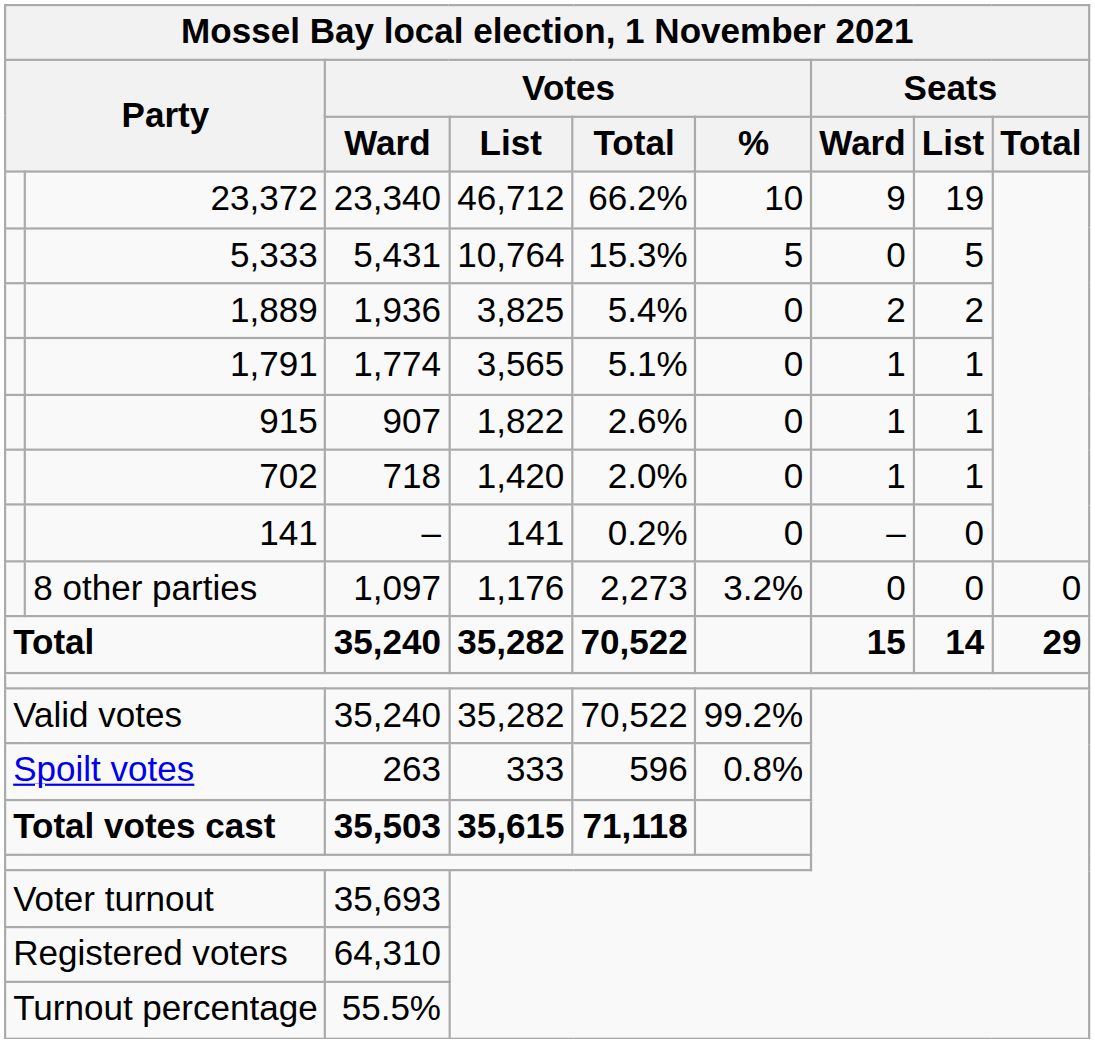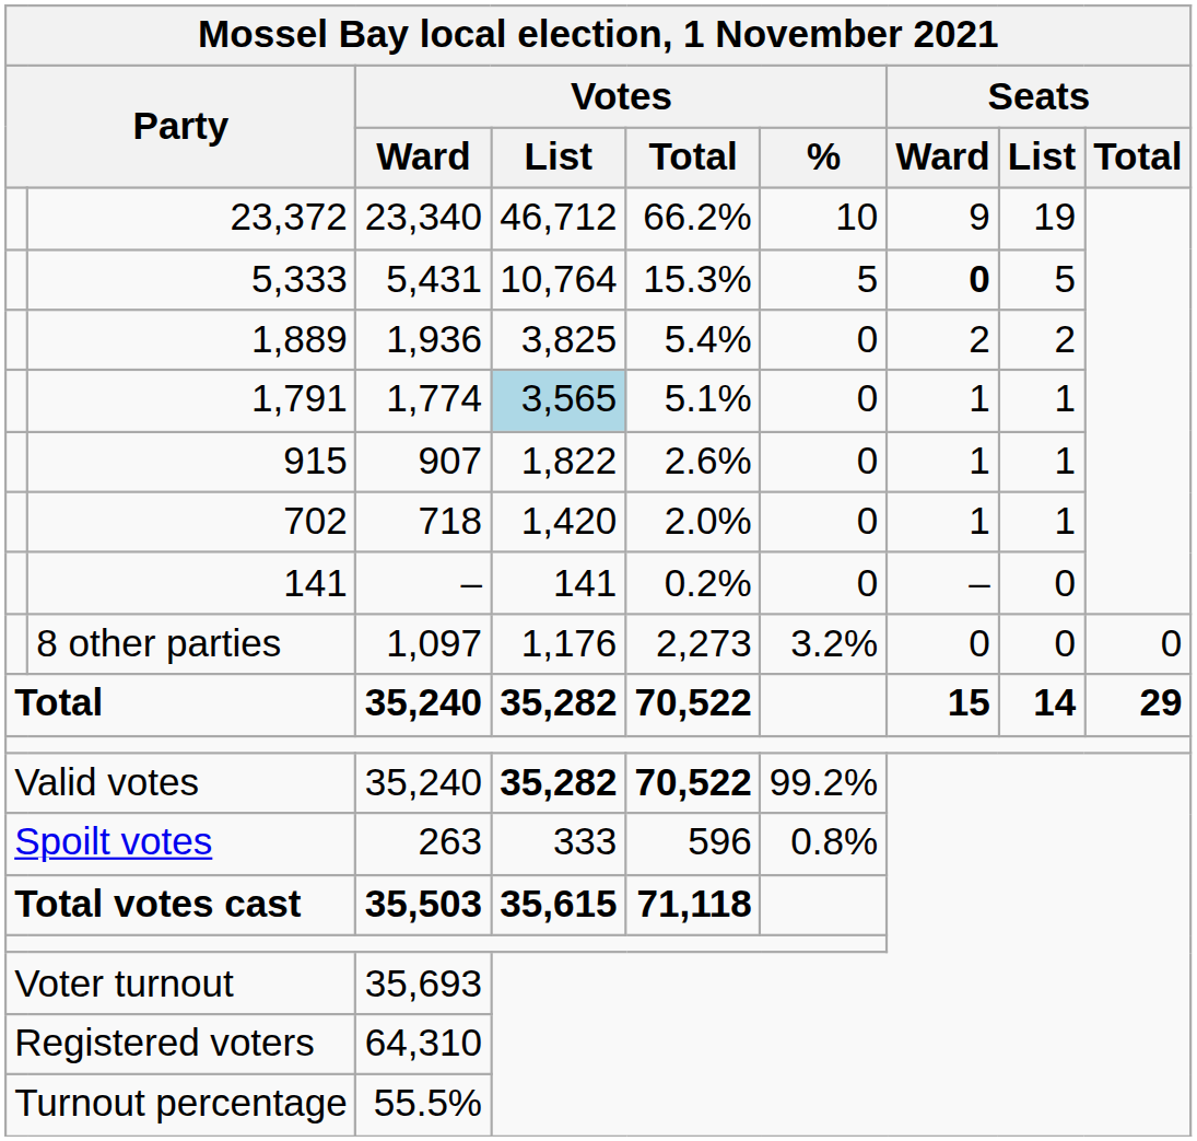 <table class=wikitable style="text-align:right">
 <tr>
 <th colspan="9" align="center">Mossel Bay local election, 1 November 2021</th>
 </tr>
 <tr>
 <th rowspan="2" colspan="2">Party</th>
 <th colspan="4" align="center">Votes</th>
 <th colspan="3" align="center">Seats</th>
 </tr>
 <tr>
 <th>Ward</th>
 <th>List</th>
 <th>Total</th>
 <th>%</th>
 <th>Ward</th>
 <th>List</th>
 <th>Total</th>
 </tr>
 <tr>
 <td></td>
 <td>23,372</td>
 <td>23,340</td>
 <td>46,712</td>
 <td>66.2%</td>
 <td>10</td>
 <td>9</td>
 <td>19</td>
 </tr>
 <tr>
 <td></td>
 <td>5,333</td>
 <td>5,431</td>
 <td>10,764</td>
 <td>15.3%</td>
 <td>5</td>
-<td>0</td>
+<td><strong>0</strong></td>
 <td>5</td>
 </tr>
 <tr>
 <td></td>
 <td>1,889</td>
 <td>1,936</td>
 <td>3,825</td>
 <td>5.4%</td>
 <td>0</td>
 <td>2</td>
 <td>2</td>
 </tr>
 <tr>
 <td></td>
 <td>1,791</td>
 <td>1,774</td>
-<td>3,565</td>
+<td style="background: lightblue;">3,565</td>
 <td>5.1%</td>
 <td>0</td>
 <td>1</td>
 <td>1</td>
 </tr>
 <tr>
 <td></td>
 <td>915</td>
 <td>907</td>
 <td>1,822</td>
 <td>2.6%</td>
 <td>0</td>
 <td>1</td>
 <td>1</td>
 </tr>
 <tr>
 <td></td>
 <td>702</td>
 <td>718</td>
 <td>1,420</td>
 <td>2.0%</td>
 <td>0</td>
 <td>1</td>
 <td>1</td>
 </tr>
 <tr>
 <td></td>
 <td>141</td>
 <td>–</td>
 <td>141</td>
 <td>0.2%</td>
 <td>0</td>
 <td>–</td>
 <td>0</td>
 </tr>
 <tr>
 <td></td>
 <td style="text-align:left">8 other parties</td>
 <td>1,097</td>
 <td>1,176</td>
 <td>2,273</td>
 <td>3.2%</td>
 <td>0</td>
 <td>0</td>
 <td>0</td>
 </tr>
 <tr>
 <td colspan="2" style="text-align:left"><strong>Total</strong></td>
 <td><strong>35,240</strong></td>
 <td><strong>35,282</strong></td>
 <td><strong>70,522</strong></td>
 <td></td>
 <td><strong>15</strong></td>
 <td><strong>14</strong></td>
 <td><strong>29</strong></td>
 </tr>
 <tr>
 <td colspan="9"></td>
 </tr>
 <tr>
 <td colspan="2" style="text-align:left">Valid votes</td>
 <td>35,240</td>
-<td>35,282</td>
-<td>70,522</td>
+<td><strong>35,282</strong></td>
+<td><strong>70,522</strong></td>
 <td>99.2%</td>
 </tr>
 <tr>
 <td colspan="2" style="text-align:left"><a href='#'>Spoilt votes</a></td>
 <td>263</td>
 <td>333</td>
 <td>596</td>
 <td>0.8%</td>
 </tr>
 <tr>
 <td colspan="2" style="text-align:left"><strong>Total votes cast</strong></td>
 <td><strong>35,503</strong></td>
 <td><strong>35,615</strong></td>
 <td><strong>71,118</strong></td>
 <td></td>
 </tr>
 <tr>
 <td colspan="6"></td>
 </tr>
 <tr>
 <td colspan="2" style="text-align:left">Voter turnout</td>
 <td>35,693</td>
 </tr>
 <tr>
 <td colspan="2" style="text-align:left">Registered voters</td>
 <td>64,310</td>
 </tr>
 <tr>
 <td colspan="2" style="text-align:left">Turnout percentage</td>
 <td>55.5%</td>
 </tr>
 </table>
